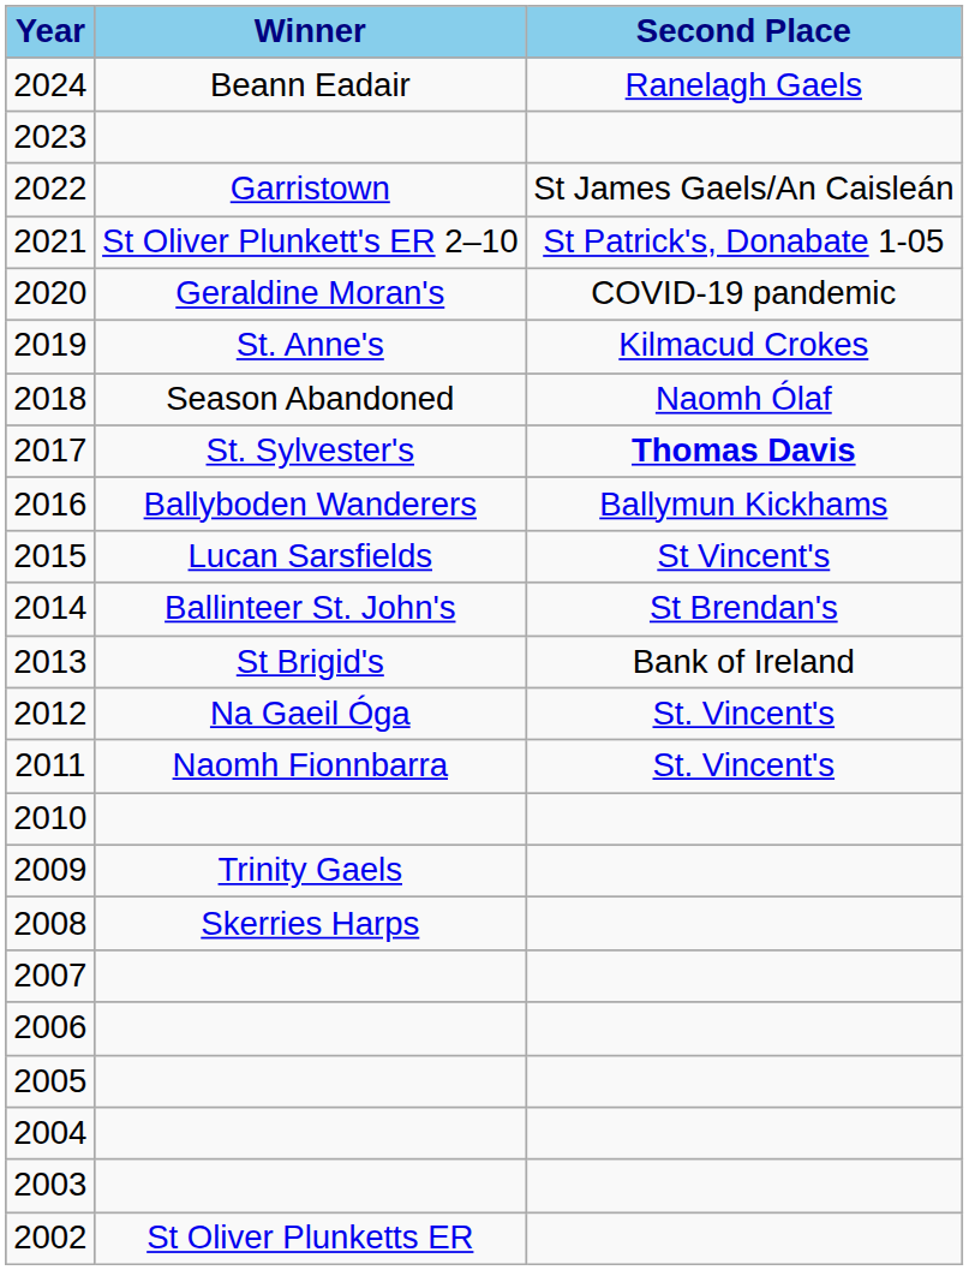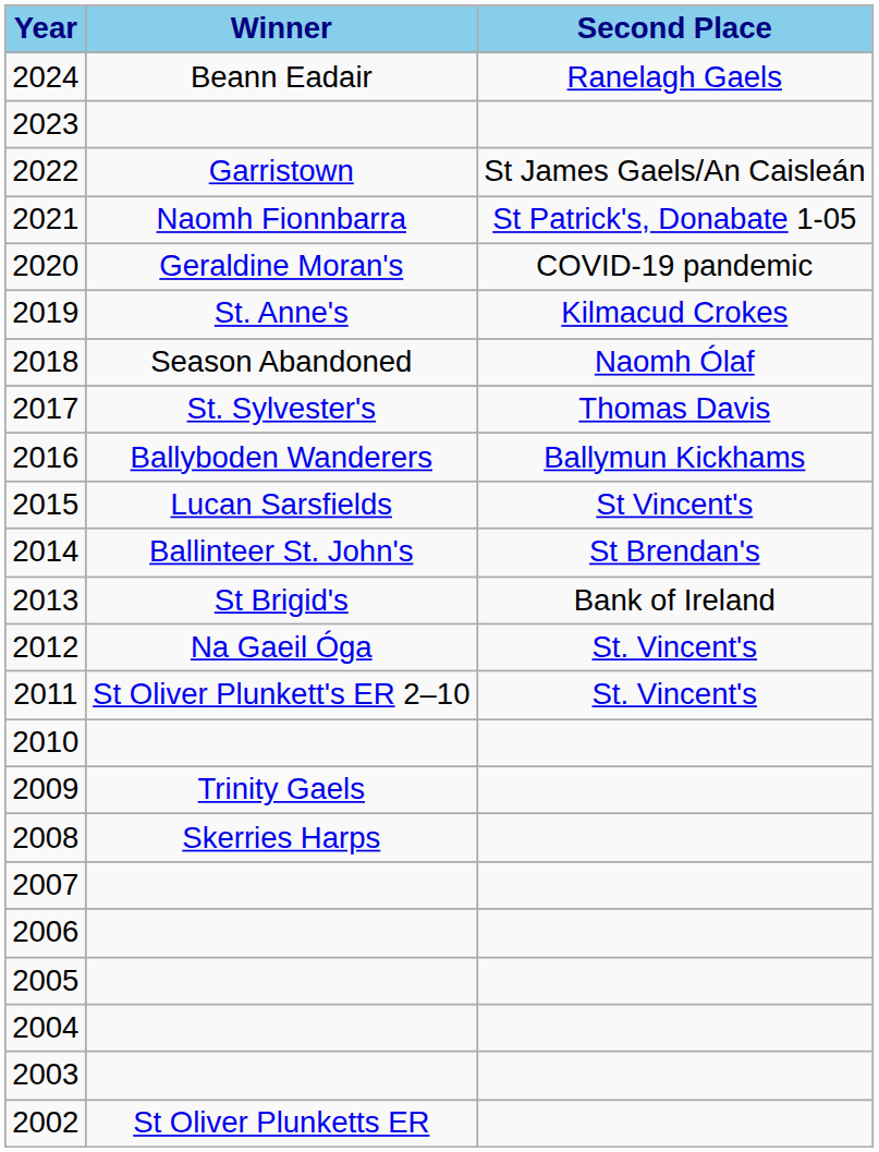 <table class="wikitable" style="text-align:center;">
 <tr>
 <th style="background:skyblue;color:navy;">Year</th>
 <th style="background:skyblue;color:navy;">Winner</th>
 <th style="background:skyblue;color:navy;">Second Place</th>
 </tr>
 <tr>
 <td>2024</td>
 <td>Beann Eadair</td>
 <td><a href='#'>Ranelagh Gaels</a></td>
 </tr>
 <tr>
 <td>2023</td>
 <td></td>
 <td></td>
 </tr>
 <tr>
 <td>2022</td>
 <td><a href='#'>Garristown</a></td>
 <td>St James Gaels/An Caisleán</td>
 </tr>
 <tr>
 <td>2021</td>
-<td><a href='#'>St Oliver Plunkett's ER</a> 2–10</td>
+<td><a href='#'>Naomh Fionnbarra</a></td>
 <td><a href='#'>St Patrick's, Donabate</a> 1-05</td>
 </tr>
 <tr>
 <td>2020</td>
 <td><a href='#'>Geraldine Moran's</a></td>
 <td>COVID-19 pandemic</td>
 </tr>
 <tr>
 <td>2019</td>
 <td><a href='#'>St. Anne's</a></td>
 <td><a href='#'>Kilmacud Crokes</a></td>
 </tr>
 <tr>
 <td>2018</td>
 <td>Season Abandoned</td>
 <td><a href='#'>Naomh Ólaf</a></td>
 </tr>
 <tr>
 <td>2017</td>
 <td><a href='#'>St. Sylvester's</a></td>
-<td><strong><a href='#'>Thomas Davis</a></strong></td>
+<td><a href='#'>Thomas Davis</a></td>
 </tr>
 <tr>
 <td>2016</td>
 <td><a href='#'>Ballyboden Wanderers</a></td>
 <td><a href='#'>Ballymun Kickhams</a></td>
 </tr>
 <tr>
 <td>2015</td>
 <td><a href='#'>Lucan Sarsfields</a></td>
 <td><a href='#'>St Vincent's</a></td>
 </tr>
 <tr>
 <td>2014</td>
 <td><a href='#'>Ballinteer St. John's</a></td>
 <td><a href='#'>St Brendan's</a></td>
 </tr>
 <tr>
 <td>2013</td>
 <td><a href='#'>St Brigid's</a></td>
 <td>Bank of Ireland</td>
 </tr>
 <tr>
 <td>2012</td>
 <td><a href='#'>Na Gaeil Óga</a></td>
 <td><a href='#'>St. Vincent's</a></td>
 </tr>
 <tr>
 <td>2011</td>
-<td><a href='#'>Naomh Fionnbarra</a></td>
+<td><a href='#'>St Oliver Plunkett's ER</a> 2–10</td>
 <td><a href='#'>St. Vincent's</a></td>
 </tr>
 <tr>
 <td>2010</td>
 <td></td>
 <td></td>
 </tr>
 <tr>
 <td>2009</td>
 <td><a href='#'>Trinity Gaels</a></td>
 <td></td>
 </tr>
 <tr>
 <td>2008</td>
 <td><a href='#'>Skerries Harps</a></td>
 <td></td>
 </tr>
 <tr>
 <td>2007</td>
 <td></td>
 <td></td>
 </tr>
 <tr>
 <td>2006</td>
 <td></td>
 <td></td>
 </tr>
 <tr>
 <td>2005</td>
 <td></td>
 <td></td>
 </tr>
 <tr>
 <td>2004</td>
 <td></td>
 <td></td>
 </tr>
 <tr>
 <td>2003</td>
 <td></td>
 <td></td>
 </tr>
 <tr>
 <td>2002</td>
 <td><a href='#'>St Oliver Plunketts ER</a></td>
 <td></td>
 </tr>
 </table>
